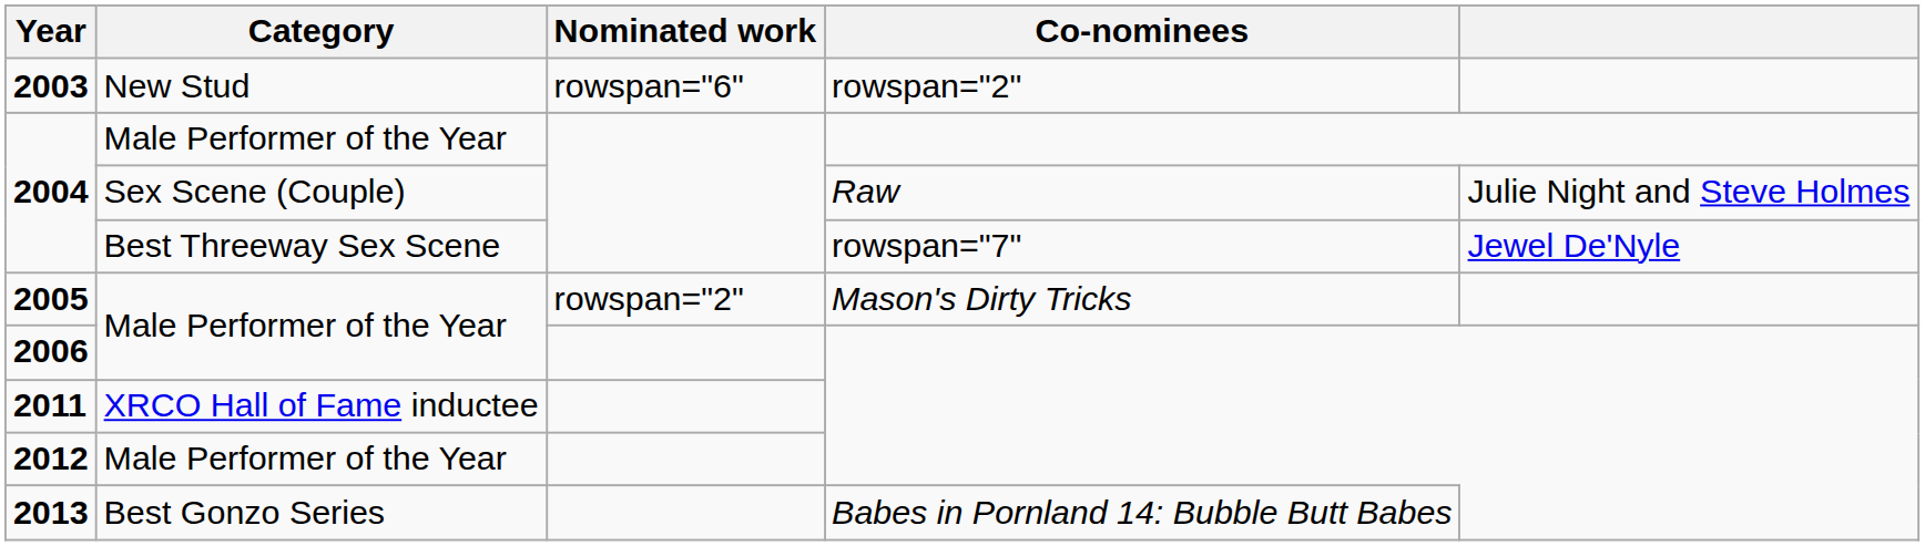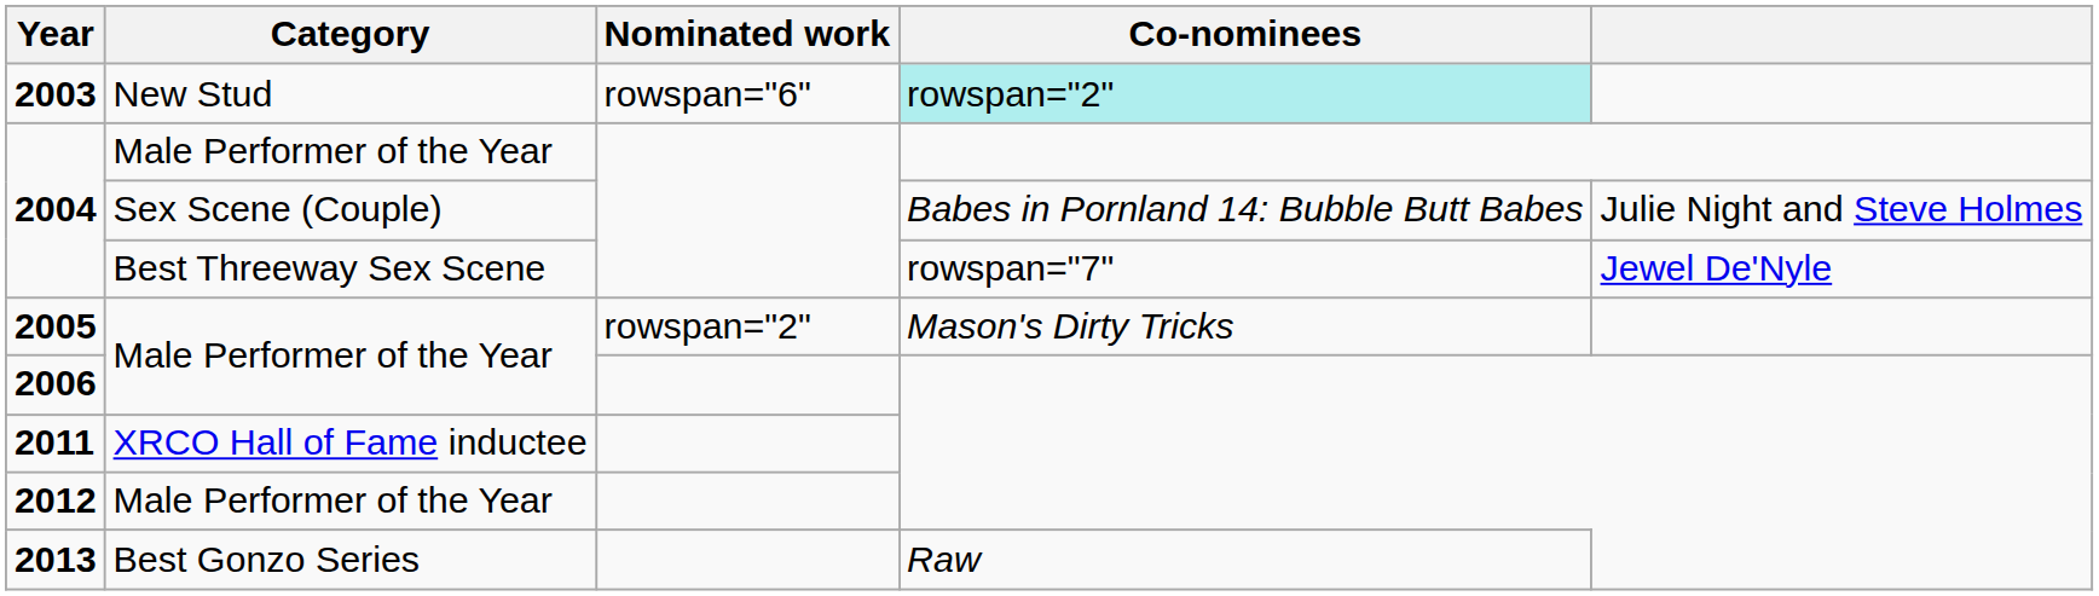 <table class="wikitable">
 <tr>
 <th>Year</th>
 <th>Category</th>
 <th>Nominated work</th>
 <th>Co-nominees</th>
 <th></th>
 </tr>
 <tr>
 <td><strong>2003</strong></td>
 <td>New Stud</td>
 <td>rowspan="6" </td>
-<td>rowspan="2" </td>
+<td style="background: paleturquoise;">rowspan="2" </td>
 <td></td>
 </tr>
 <tr>
 <td rowspan="3"><strong>2004</strong></td>
 <td>Male Performer of the Year</td>
 <td rowspan="3"></td>
 </tr>
 <tr>
 <td>Sex Scene (Couple)</td>
-<td><em>Raw</em></td>
+<td><em>Babes in Pornland 14: Bubble Butt Babes</em></td>
 <td>Julie Night and <a href='#'>Steve Holmes</a></td>
 </tr>
 <tr>
 <td>Best Threeway Sex Scene</td>
 <td>rowspan="7" </td>
 <td><a href='#'>Jewel De'Nyle</a></td>
 </tr>
 <tr>
 <td><strong>2005</strong></td>
 <td rowspan="3">Male Performer of the Year</td>
 <td>rowspan="2" </td>
 <td><em>Mason's Dirty Tricks</em></td>
 <td></td>
 </tr>
 <tr>
 <td><strong>2006</strong></td>
 <td></td>
 </tr>
 <tr>
 <td rowspan="2"><strong>2011</strong></td>
 <td rowspan="2"></td>
 </tr>
 <tr>
 <td><a href='#'>XRCO Hall of Fame</a> inductee</td>
 </tr>
 <tr>
 <td><strong>2012</strong></td>
 <td rowspan="2">Male Performer of the Year</td>
 <td></td>
 </tr>
 <tr>
 <td rowspan="2"><strong>2013</strong></td>
 <td rowspan="2"></td>
 </tr>
 <tr>
 <td>Best Gonzo Series</td>
-<td><em>Babes in Pornland 14: Bubble Butt Babes</em></td>
+<td><em>Raw</em></td>
 </tr>
 </table>
